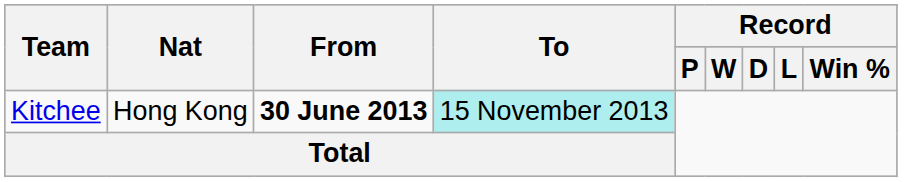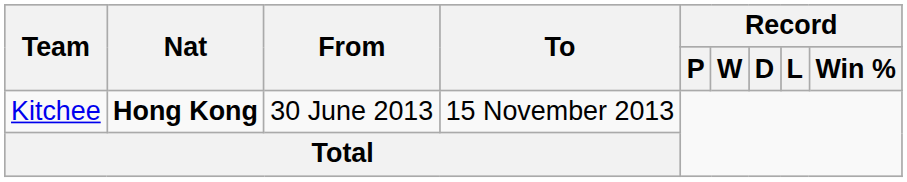 <table class="wikitable" style="text-align: center">
 <tr>
 <th rowspan="2">Team</th>
 <th rowspan="2">Nat</th>
 <th rowspan="2">From</th>
 <th rowspan="2">To</th>
 <th colspan="7">Record</th>
 </tr>
 <tr>
 <th>P</th>
 <th>W</th>
 <th>D</th>
 <th>L</th>
 <th>Win %</th>
 </tr>
 <tr>
 <td align=left><a href='#'>Kitchee</a></td>
-<td>Hong Kong</td>
-<td align=left><strong>30 June 2013</strong></td>
-<td align=left style="background: paleturquoise;">15 November 2013<br></td>
+<td><strong>Hong Kong</strong></td>
+<td align=left>30 June 2013</td>
+<td align=left>15 November 2013<br></td>
 </tr>
 <tr>
 <th colspan="4">Total<br></th>
 </tr>
 </table>
